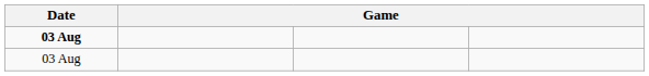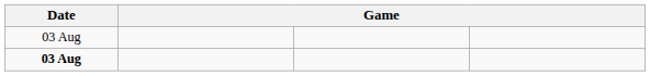 <table width=730 class="wikitable">
 <tr>
 <th width=15%>Date</th>
 <th width=70% colspan=3>Game</th>
+</tr>
+<tr style=font-size:95%>
+<td align=center>03 Aug</td>
+<td align=center><strong></strong></td>
+<td></td>
+<td></td>
 </tr>
 <tr style=font-size:95%>
 <td align=center><strong>03 Aug</strong></td>
 <td align=center><strong></strong></td>
 <td></td>
 <td></td>
 </tr>
-<tr style=font-size:95%>
-<td align=center>03 Aug</td>
-<td align=center><strong></strong></td>
-<td></td>
-<td></td>
-</tr>
 </table>
